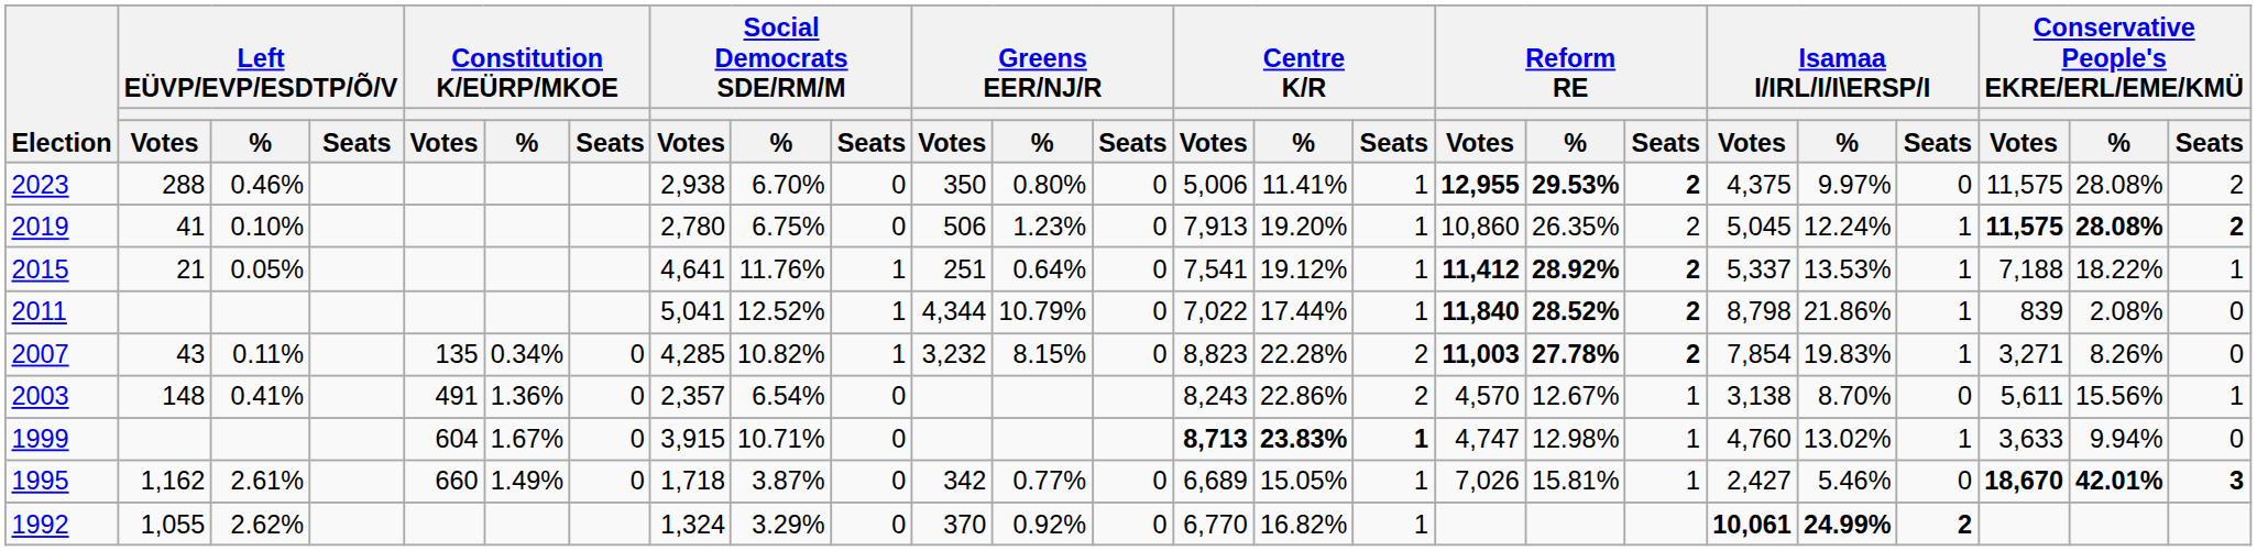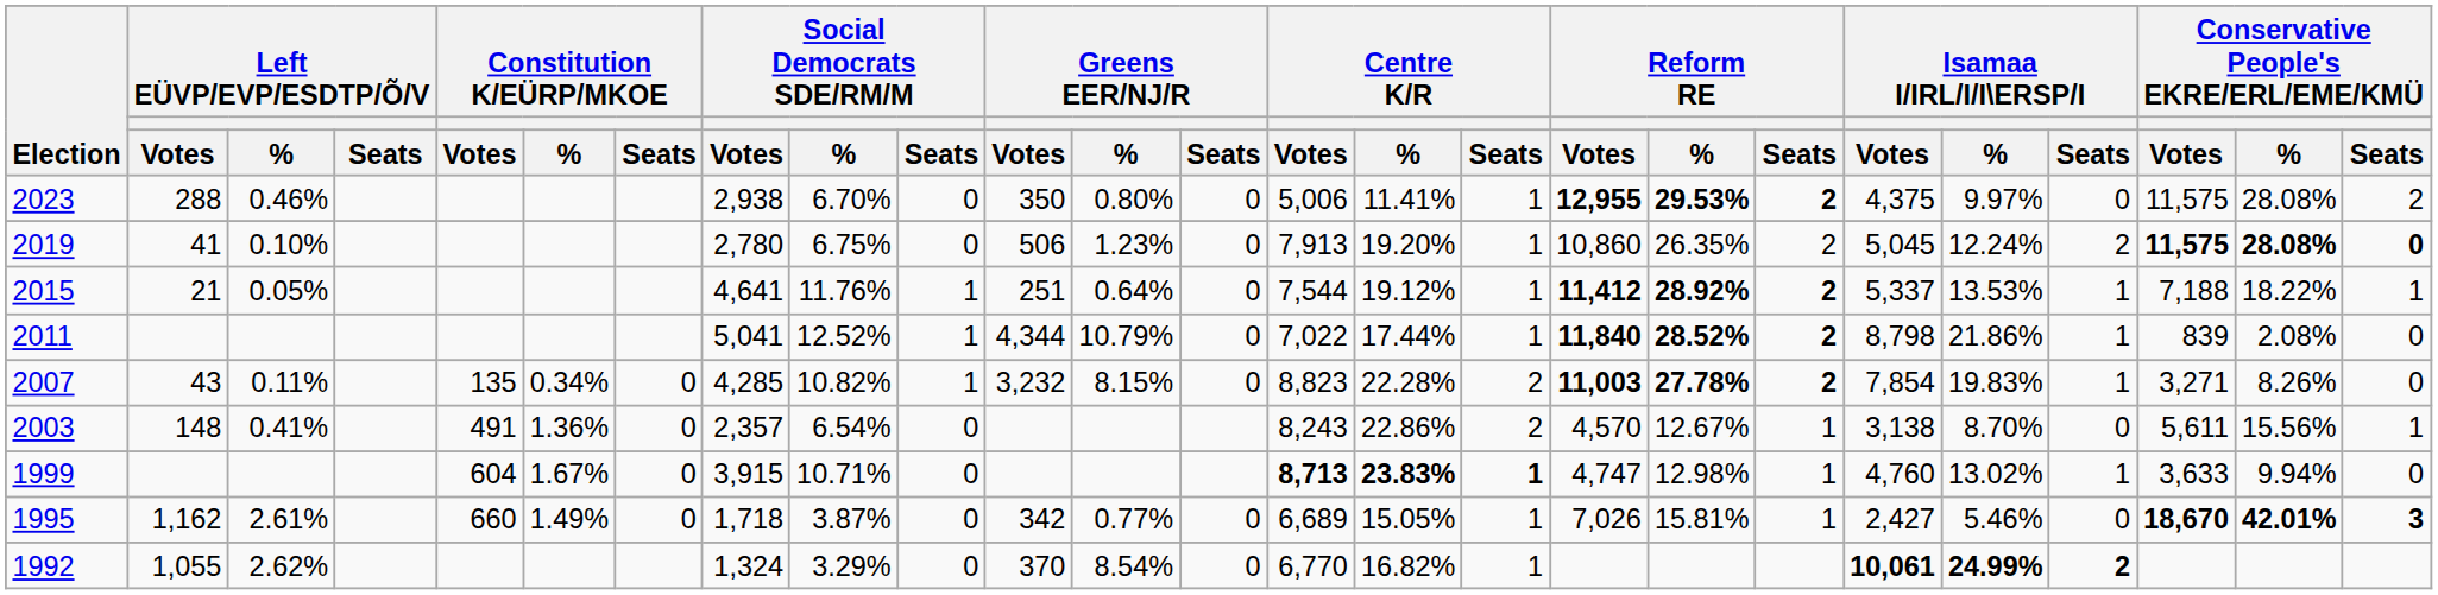 <table class="wikitable" border="1" style="font-size:80%; text-align:right;">
 <tr>
 <th style="text-align:left;" valign=bottom rowspan=3>Election</th>
 <th valign=bottom colspan=3><a href='#'>Left</a><br>EÜVP/EVP/ESDTP/Õ/V</th>
 <th valign=bottom colspan=3><a href='#'>Constitution</a><br>K/EÜRP/MKOE</th>
 <th valign=bottom colspan=3><a href='#'>Social<br>Democrats</a><br>SDE/RM/M</th>
 <th valign=bottom colspan=3><a href='#'>Greens</a><br>EER/NJ/R</th>
 <th valign=bottom colspan=3><a href='#'>Centre</a><br>K/R</th>
 <th valign=bottom colspan=3><a href='#'>Reform</a><br>RE</th>
 <th valign=bottom colspan=3><a href='#'>Isamaa</a><br>I/IRL/I/I\ERSP/I</th>
 <th valign=bottom colspan=3><a href='#'>Conservative<br>People's</a><br>EKRE/ERL/EME/KMÜ</th>
 </tr>
 <tr>
 <th colspan=3 style="background:"></th>
 <th colspan=3 style="background:"></th>
 <th colspan=3 style="background:"></th>
 <th colspan=3 style="background:"></th>
 <th colspan=3 style="background:"></th>
 <th colspan=3 style="background:"></th>
 <th colspan=3 style="background:"></th>
 <th colspan=3 style="background:"></th>
 </tr>
 <tr>
 <th>Votes</th>
 <th>%</th>
 <th>Seats</th>
 <th>Votes</th>
 <th>%</th>
 <th>Seats</th>
 <th>Votes</th>
 <th>%</th>
 <th>Seats</th>
 <th>Votes</th>
 <th>%</th>
 <th>Seats</th>
 <th>Votes</th>
 <th>%</th>
 <th>Seats</th>
 <th>Votes</th>
 <th>%</th>
 <th>Seats</th>
 <th>Votes</th>
 <th>%</th>
 <th>Seats</th>
 <th>Votes</th>
 <th>%</th>
 <th>Seats</th>
 </tr>
 <tr>
 <td align=left><a href='#'>2023</a></td>
 <td>288</td>
 <td>0.46%</td>
 <td></td>
 <td></td>
 <td></td>
 <td></td>
 <td>2,938</td>
 <td>6.70%</td>
 <td>0</td>
 <td>350</td>
 <td>0.80%</td>
 <td>0</td>
 <td>5,006</td>
 <td>11.41%</td>
 <td>1</td>
 <td><strong>12,955</strong></td>
 <td><strong>29.53%</strong></td>
 <td><strong>2</strong></td>
 <td>4,375</td>
 <td>9.97%</td>
 <td>0</td>
 <td>11,575</td>
 <td>28.08%</td>
 <td>2</td>
 </tr>
 <tr>
 <td align=left><a href='#'>2019</a></td>
 <td>41</td>
 <td>0.10%</td>
 <td></td>
 <td></td>
 <td></td>
 <td></td>
 <td>2,780</td>
 <td>6.75%</td>
 <td>0</td>
 <td>506</td>
 <td>1.23%</td>
 <td>0</td>
 <td>7,913</td>
 <td>19.20%</td>
 <td>1</td>
 <td>10,860</td>
 <td>26.35%</td>
 <td>2</td>
 <td>5,045</td>
 <td>12.24%</td>
-<td>1</td>
+<td>2</td>
 <td><strong>11,575</strong></td>
 <td><strong>28.08%</strong></td>
-<td><strong>2</strong></td>
+<td><strong>0</strong></td>
 </tr>
 <tr>
 <td align=left><a href='#'>2015</a></td>
 <td>21</td>
 <td>0.05%</td>
 <td></td>
 <td></td>
 <td></td>
 <td></td>
 <td>4,641</td>
 <td>11.76%</td>
 <td>1</td>
 <td>251</td>
 <td>0.64%</td>
 <td>0</td>
-<td>7,541</td>
+<td>7,544</td>
 <td>19.12%</td>
 <td>1</td>
 <td><strong>11,412</strong></td>
 <td><strong>28.92%</strong></td>
 <td><strong>2</strong></td>
 <td>5,337</td>
 <td>13.53%</td>
 <td>1</td>
 <td>7,188</td>
 <td>18.22%</td>
 <td>1</td>
 </tr>
 <tr>
 <td align=left><a href='#'>2011</a></td>
 <td></td>
 <td></td>
 <td></td>
 <td></td>
 <td></td>
 <td></td>
 <td>5,041</td>
 <td>12.52%</td>
 <td>1</td>
 <td>4,344</td>
 <td>10.79%</td>
 <td>0</td>
 <td>7,022</td>
 <td>17.44%</td>
 <td>1</td>
 <td><strong>11,840</strong></td>
 <td><strong>28.52%</strong></td>
 <td><strong>2</strong></td>
 <td>8,798</td>
 <td>21.86%</td>
 <td>1</td>
 <td>839</td>
 <td>2.08%</td>
 <td>0</td>
 </tr>
 <tr>
 <td align=left><a href='#'>2007</a></td>
 <td>43</td>
 <td>0.11%</td>
 <td></td>
 <td>135</td>
 <td>0.34%</td>
 <td>0</td>
 <td>4,285</td>
 <td>10.82%</td>
 <td>1</td>
 <td>3,232</td>
 <td>8.15%</td>
 <td>0</td>
 <td>8,823</td>
 <td>22.28%</td>
 <td>2</td>
 <td><strong>11,003</strong></td>
 <td><strong>27.78%</strong></td>
 <td><strong>2</strong></td>
 <td>7,854</td>
 <td>19.83%</td>
 <td>1</td>
 <td>3,271</td>
 <td>8.26%</td>
 <td>0</td>
 </tr>
 <tr>
 <td align=left><a href='#'>2003</a></td>
 <td>148</td>
 <td>0.41%</td>
 <td></td>
 <td>491</td>
 <td>1.36%</td>
 <td>0</td>
 <td>2,357</td>
 <td>6.54%</td>
 <td>0</td>
 <td></td>
 <td></td>
 <td></td>
 <td>8,243</td>
 <td>22.86%</td>
 <td>2</td>
 <td>4,570</td>
 <td>12.67%</td>
 <td>1</td>
 <td>3,138</td>
 <td>8.70%</td>
 <td>0</td>
 <td>5,611</td>
 <td>15.56%</td>
 <td>1</td>
 </tr>
 <tr>
 <td align=left><a href='#'>1999</a></td>
 <td></td>
 <td></td>
 <td></td>
 <td>604</td>
 <td>1.67%</td>
 <td>0</td>
 <td>3,915</td>
 <td>10.71%</td>
 <td>0</td>
 <td></td>
 <td></td>
 <td></td>
 <td><strong>8,713</strong></td>
 <td><strong>23.83%</strong></td>
 <td><strong>1</strong></td>
 <td>4,747</td>
 <td>12.98%</td>
 <td>1</td>
 <td>4,760</td>
 <td>13.02%</td>
 <td>1</td>
 <td>3,633</td>
 <td>9.94%</td>
 <td>0</td>
 </tr>
 <tr>
 <td align=left><a href='#'>1995</a></td>
 <td>1,162</td>
 <td>2.61%</td>
 <td></td>
 <td>660</td>
 <td>1.49%</td>
 <td>0</td>
 <td>1,718</td>
 <td>3.87%</td>
 <td>0</td>
 <td>342</td>
 <td>0.77%</td>
 <td>0</td>
 <td>6,689</td>
 <td>15.05%</td>
 <td>1</td>
 <td>7,026</td>
 <td>15.81%</td>
 <td>1</td>
 <td>2,427</td>
 <td>5.46%</td>
 <td>0</td>
 <td><strong>18,670</strong></td>
 <td><strong>42.01%</strong></td>
 <td><strong>3</strong></td>
 </tr>
 <tr>
 <td align=left><a href='#'>1992</a></td>
 <td>1,055</td>
 <td>2.62%</td>
 <td></td>
 <td></td>
 <td></td>
 <td></td>
 <td>1,324</td>
 <td>3.29%</td>
 <td>0</td>
 <td>370</td>
-<td>0.92%</td>
+<td>8.54%</td>
 <td>0</td>
 <td>6,770</td>
 <td>16.82%</td>
 <td>1</td>
 <td></td>
 <td></td>
 <td></td>
 <td><strong>10,061</strong></td>
 <td><strong>24.99%</strong></td>
 <td><strong>2</strong></td>
 <td></td>
 <td></td>
 <td></td>
 </tr>
 </table>
